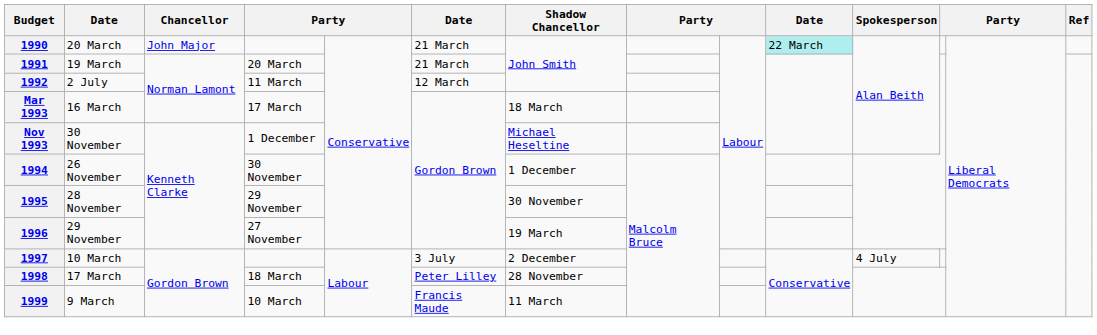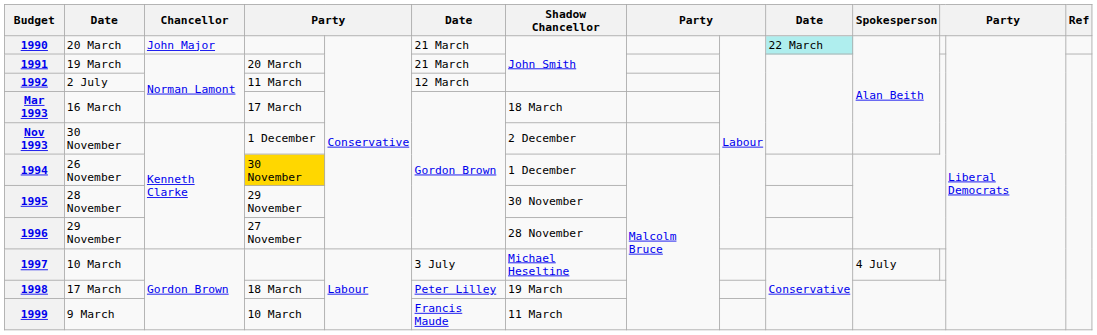 <table class="wikitable">
 <tr>
 <th scope= "col">Budget</th>
 <th scope= "col">Date</th>
 <th scope= "col">Chancellor</th>
 <th colspan= "2">Party</th>
 <th scope= "col">Date</th>
 <th scope= "col">Shadow Chancellor</th>
 <th colspan= "2">Party</th>
 <th scope="col ">Date</th>
 <th scope="col">Spokesperson</th>
 <th colspan="2">Party</th>
 <th scope="col">Ref</th>
 </tr>
 <tr>
 <th><a href='#'>1990</a></th>
 <td>20 March</td>
 <td><a href='#'>John Major</a></td>
 <td style="background-color: "></td>
 <td rowspan= "8"><a href='#'>Conservative</a></td>
 <td>21 March</td>
 <td rowspan="3"><a href='#'>John Smith</a></td>
 <td style="background-color: "></td>
 <td rowspan= "8"><a href='#'>Labour</a></td>
 <td style="background: paleturquoise;">22 March</td>
 <td rowspan="5"><a href='#'>Alan Beith</a></td>
 <td style="background-color: "></td>
 <td rowspan= "11"><a href='#'>Liberal Democrats</a></td>
 <td></td>
 </tr>
 <tr>
 <th><a href='#'>1991</a></th>
 <td>19 March</td>
 <td rowspan="3"><a href='#'>Norman Lamont</a></td>
 <td>20 March</td>
 <td>21 March</td>
 <td></td>
 </tr>
 <tr>
 <th><a href='#'>1992</a></th>
 <td>2 July</td>
 <td>11 March</td>
 <td>12 March</td>
 <td></td>
 </tr>
 <tr>
 <th><a href='#'>Mar 1993</a></th>
 <td>16 March</td>
 <td>17 March</td>
 <td rowspan="5"><a href='#'>Gordon Brown</a></td>
 <td>18 March</td>
 <td></td>
 </tr>
 <tr>
 <th><a href='#'>Nov 1993</a></th>
 <td>30 November</td>
 <td rowspan="4"><a href='#'>Kenneth Clarke</a></td>
 <td>1 December</td>
-<td><a href='#'>Michael Heseltine</a></td>
+<td>2 December</td>
 <td></td>
 </tr>
 <tr>
 <th><a href='#'>1994</a></th>
 <td>26 November</td>
-<td>30 November</td>
+<td style="background: gold;">30 November</td>
 <td>1 December</td>
 <td rowspan="6"><a href='#'>Malcolm Bruce</a></td>
 <td></td>
 </tr>
 <tr>
 <th><a href='#'>1995</a></th>
 <td>28 November</td>
 <td>29 November</td>
 <td>30 November</td>
 <td></td>
 </tr>
 <tr>
 <th><a href='#'>1996</a></th>
 <td>29 November</td>
 <td>27 November</td>
-<td>19 March</td>
+<td>28 November</td>
 <td></td>
 </tr>
 <tr>
 <th><a href='#'>1997</a></th>
 <td>10 March</td>
 <td rowspan="3"><a href='#'>Gordon Brown</a></td>
 <td style="background-color: "></td>
 <td rowspan= "3"><a href='#'>Labour</a></td>
 <td>3 July</td>
-<td>2 December</td>
+<td><a href='#'>Michael Heseltine</a></td>
 <td style="background-color: "></td>
 <td rowspan= "3"><a href='#'>Conservative</a></td>
 <td>4 July</td>
 <td></td>
 </tr>
 <tr>
 <th><a href='#'>1998</a></th>
 <td>17 March</td>
 <td>18 March</td>
 <td><a href='#'>Peter Lilley</a></td>
-<td>28 November</td>
+<td>19 March</td>
 <td></td>
 </tr>
 <tr>
 <th><a href='#'>1999</a></th>
 <td>9 March</td>
 <td>10 March</td>
 <td><a href='#'>Francis Maude</a></td>
 <td>11 March</td>
 <td></td>
 </tr>
 </table>
